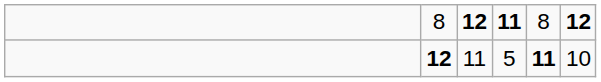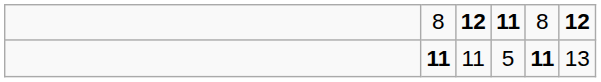 <table class="wikitable">
 <tr>
 <td style="width:18em"></td>
 <td align=center style="width:1em">8</td>
 <td align=center style="width:1em"><strong>12</strong></td>
 <td align=center style="width:1em"><strong>11</strong></td>
 <td align=center style="width:1em">8</td>
 <td align=center style="width:1em"><strong>12</strong></td>
 </tr>
 <tr>
 <td style="width:18em"></td>
-<td align=center style="width:1em"><strong>12</strong></td>
+<td align=center style="width:1em"><strong>11</strong></td>
 <td align=center style="width:1em">11</td>
 <td align=center style="width:1em">5</td>
 <td align=center style="width:1em"><strong>11</strong></td>
-<td align=center style="width:1em">10</td>
+<td align=center style="width:1em">13</td>
 </tr>
 </table>
